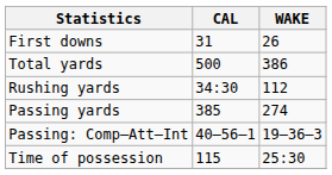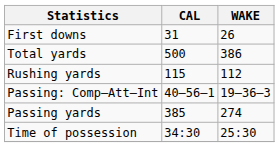 <table class="wikitable" style="float: left;">
 <tr>
 <th>Statistics</th>
 <th>CAL</th>
 <th>WAKE</th>
 </tr>
 <tr>
 <td>First downs</td>
 <td>31</td>
 <td>26</td>
 </tr>
 <tr>
 <td>Total yards</td>
 <td>500</td>
 <td>386</td>
 </tr>
 <tr>
 <td>Rushing yards</td>
-<td>34:30</td>
+<td>115</td>
 <td>112</td>
+</tr>
+<tr>
+<td>Passing: Comp–Att–Int</td>
+<td>40–56–1</td>
+<td>19–36–3</td>
 </tr>
 <tr>
 <td>Passing yards</td>
 <td>385</td>
 <td>274</td>
 </tr>
 <tr>
-<td>Passing: Comp–Att–Int</td>
-<td>40–56–1</td>
-<td>19–36–3</td>
-</tr>
-<tr>
 <td>Time of possession</td>
-<td>115</td>
+<td>34:30</td>
 <td>25:30</td>
 </tr>
 <tr>
 </tr>
 </table>
